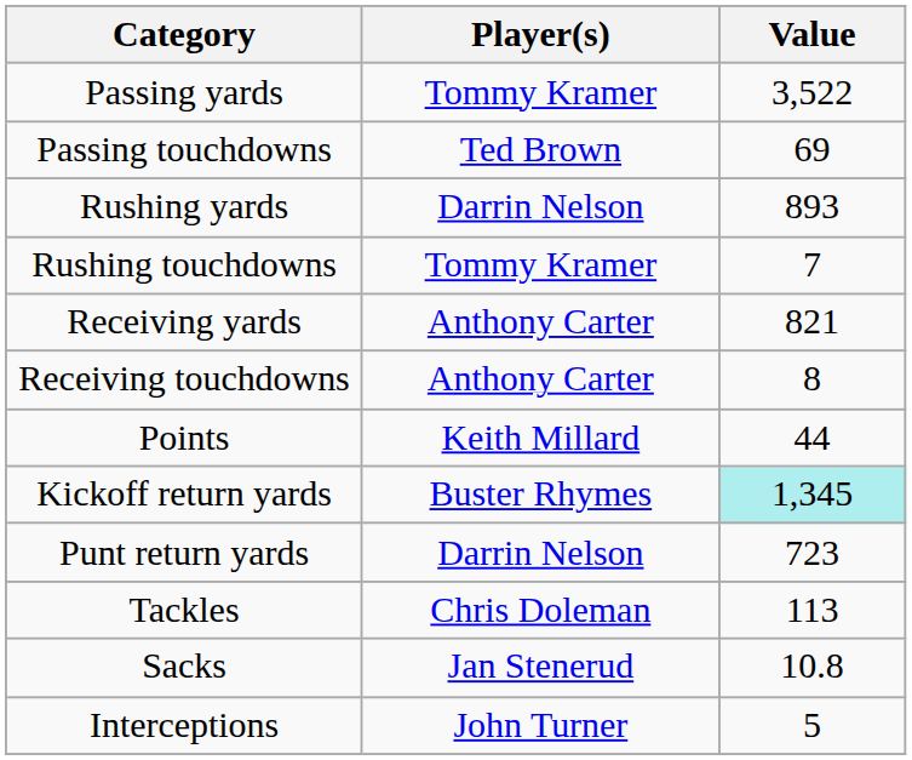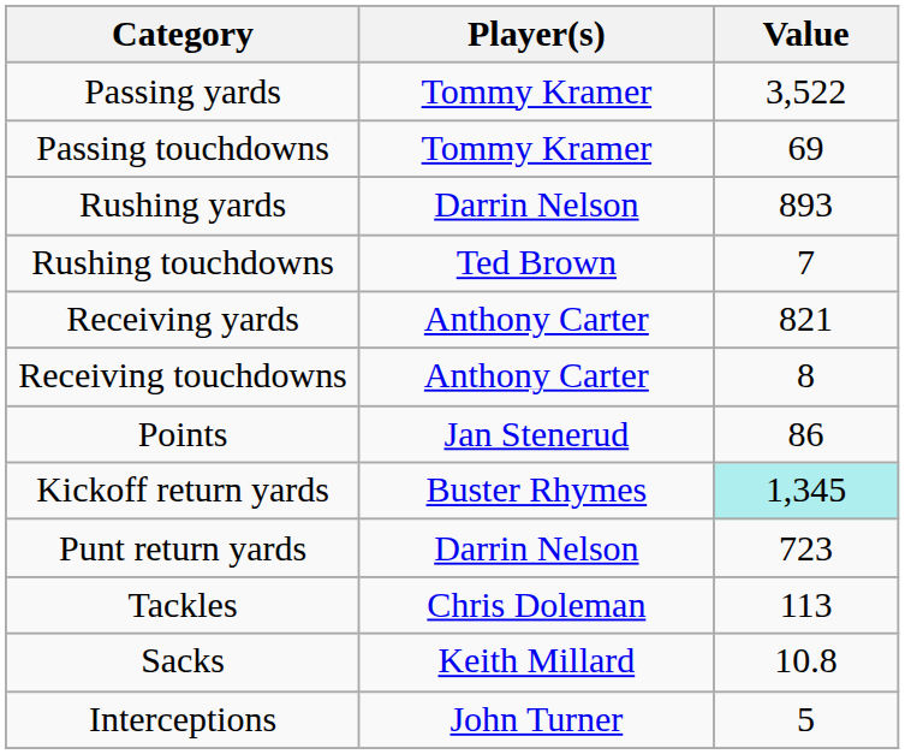 <table class="wikitable" style="text-align:center">
 <tr>
 <th width=150px>Category</th>
 <th width=150px>Player(s)</th>
 <th width=75px>Value</th>
 </tr>
 <tr>
 <td>Passing yards</td>
 <td><a href='#'>Tommy Kramer</a></td>
 <td>3,522</td>
 </tr>
 <tr>
 <td>Passing touchdowns</td>
-<td><a href='#'>Ted Brown</a></td>
+<td><a href='#'>Tommy Kramer</a></td>
 <td>69</td>
 </tr>
 <tr>
 <td>Rushing yards</td>
 <td><a href='#'>Darrin Nelson</a></td>
 <td>893</td>
 </tr>
 <tr>
 <td>Rushing touchdowns</td>
-<td><a href='#'>Tommy Kramer</a></td>
+<td><a href='#'>Ted Brown</a></td>
 <td>7</td>
 </tr>
 <tr>
 <td>Receiving yards</td>
 <td><a href='#'>Anthony Carter</a></td>
 <td>821</td>
 </tr>
 <tr>
 <td>Receiving touchdowns</td>
 <td><a href='#'>Anthony Carter</a></td>
 <td>8</td>
 </tr>
 <tr>
 <td>Points</td>
-<td><a href='#'>Keith Millard</a></td>
-<td>44</td>
+<td><a href='#'>Jan Stenerud</a></td>
+<td>86</td>
 </tr>
 <tr>
 <td>Kickoff return yards</td>
 <td><a href='#'>Buster Rhymes</a></td>
 <td style="background: paleturquoise;">1,345</td>
 </tr>
 <tr>
 <td>Punt return yards</td>
 <td><a href='#'>Darrin Nelson</a></td>
 <td>723</td>
 </tr>
 <tr>
 <td>Tackles</td>
 <td><a href='#'>Chris Doleman</a></td>
 <td>113</td>
 </tr>
 <tr>
 <td>Sacks</td>
-<td><a href='#'>Jan Stenerud</a></td>
+<td><a href='#'>Keith Millard</a></td>
 <td>10.8</td>
 </tr>
 <tr>
 <td>Interceptions</td>
 <td><a href='#'>John Turner</a></td>
 <td>5</td>
 </tr>
 </table>
